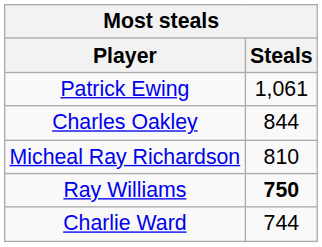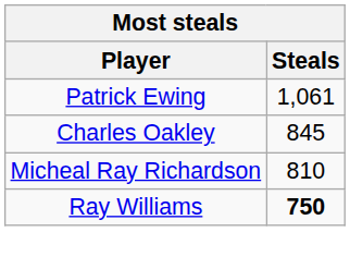 <table class="wikitable sortable" style="text-align:center">
 <tr>
 <th colspan="2" style="text-align:center; ">Most steals</th>
 </tr>
 <tr>
 <th style="text-align:center; ">Player</th>
 <th style="text-align:center; ">Steals</th>
 </tr>
 <tr>
 <td><a href='#'>Patrick Ewing</a></td>
 <td>1,061</td>
 </tr>
 <tr>
 <td><a href='#'>Charles Oakley</a></td>
-<td>844</td>
+<td>845</td>
 </tr>
 <tr>
 <td><a href='#'>Micheal Ray Richardson</a></td>
 <td>810</td>
 </tr>
 <tr>
 <td><a href='#'>Ray Williams</a></td>
 <td><strong>750</strong></td>
 </tr>
-<tr>
-<td><a href='#'>Charlie Ward</a></td>
-<td>744</td>
-</tr>
 </table>
